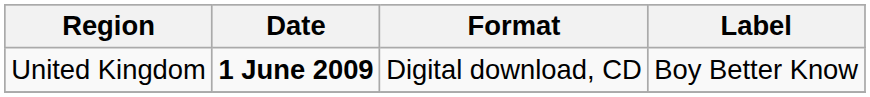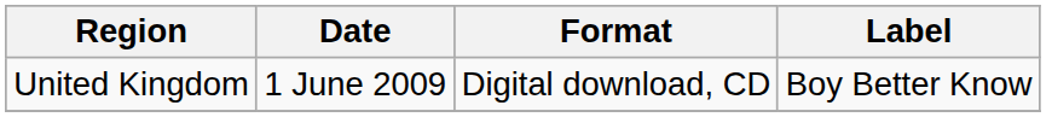 <table class=wikitable>
 <tr>
 <th>Region</th>
 <th>Date</th>
 <th>Format</th>
 <th>Label</th>
 </tr>
 <tr>
 <td>United Kingdom</td>
-<td><strong>1 June 2009</strong></td>
+<td>1 June 2009</td>
 <td>Digital download, CD</td>
 <td>Boy Better Know</td>
 </tr>
 <tr>
 </tr>
 </table>
